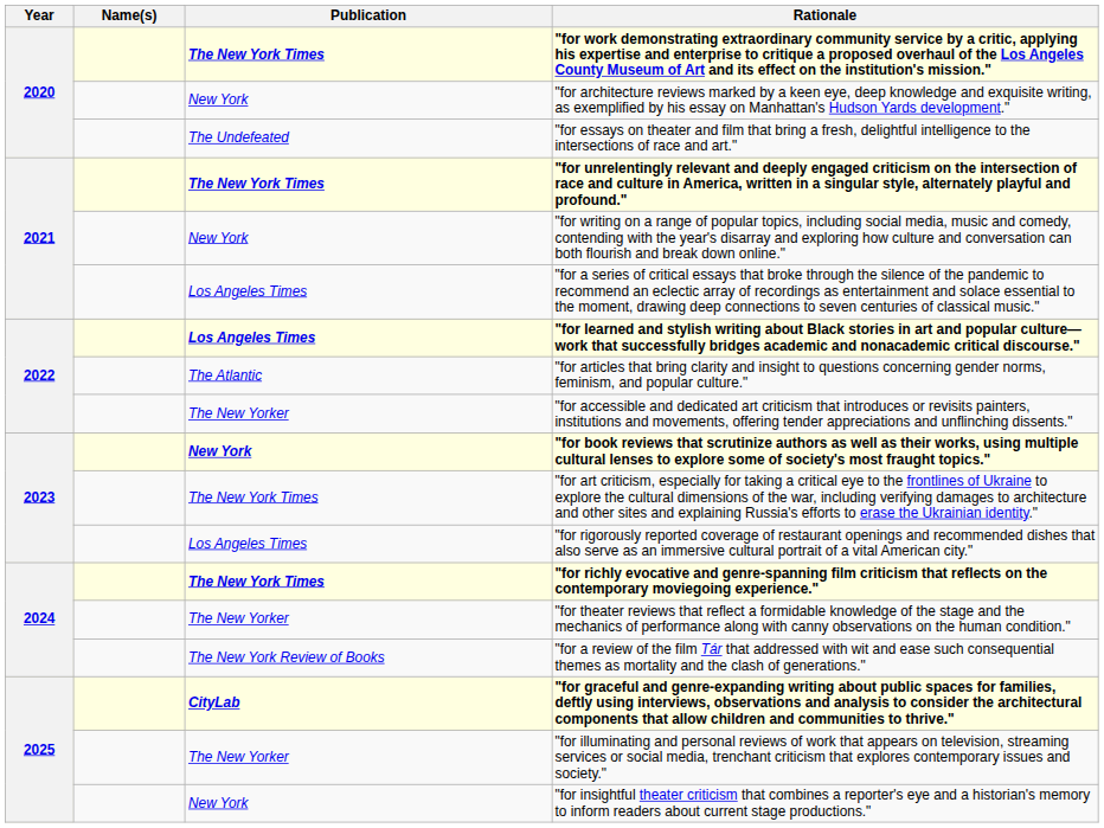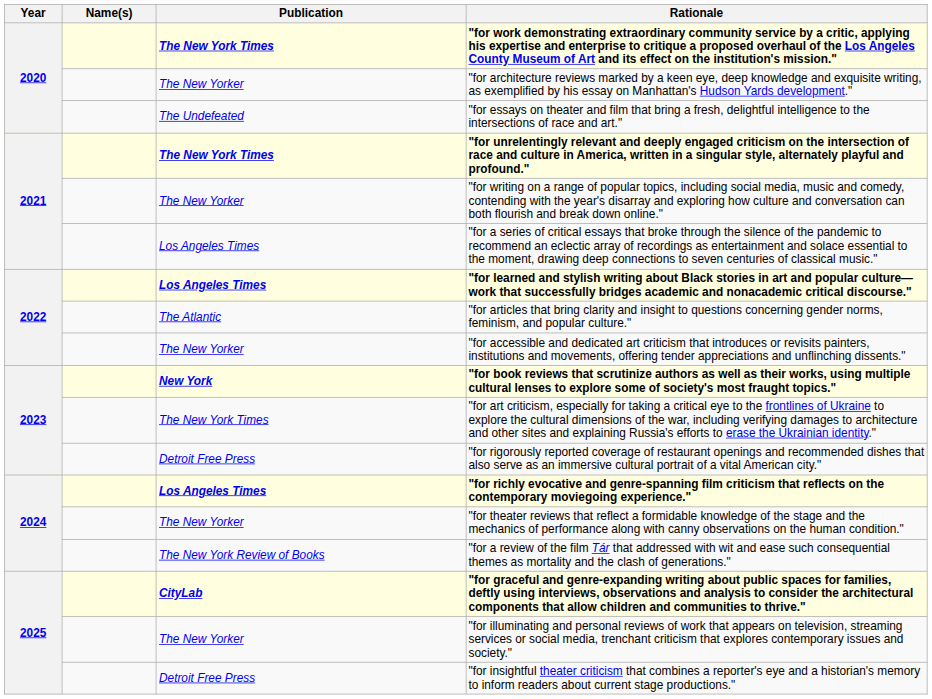 <table class="wikitable sortable">
 <tr style="vertical-align:bottom;">
 <th>Year</th>
 <th>Name(s)</th>
 <th>Publication</th>
 <th width=50%>Rationale</th>
 </tr>
 <tr style="background-color:lightyellow;">
 <th rowspan=3><strong><a href='#'>2020</a></strong></th>
 <td><strong></strong></td>
 <td><strong><em><a href='#'>The New York Times</a></em></strong></td>
 <td><strong>"for work demonstrating extraordinary community service by a critic, applying his expertise and enterprise to critique a proposed overhaul of the <a href='#'>Los Angeles County Museum of Art</a> and its effect on the institution's mission."</strong></td>
 </tr>
 <tr>
 <td></td>
-<td><em><a href='#'>New York</a></em></td>
+<td><em><a href='#'>The New Yorker</a></em></td>
 <td>"for architecture reviews marked by a keen eye, deep knowledge and exquisite writing, as exemplified by his essay on Manhattan's <a href='#'>Hudson Yards development</a>."</td>
 </tr>
 <tr>
 <td></td>
 <td><em><a href='#'>The Undefeated</a></em></td>
 <td>"for essays on theater and film that bring a fresh, delightful intelligence to the intersections of race and art."</td>
 </tr>
 <tr style="background-color:lightyellow;">
 <th rowspan=3><strong><a href='#'>2021</a></strong></th>
 <td><strong></strong></td>
 <td><strong><em><a href='#'>The New York Times</a></em></strong></td>
 <td><strong>"for unrelentingly relevant and deeply engaged criticism on the intersection of race and culture in America, written in a singular style, alternately playful and profound."</strong></td>
 </tr>
 <tr>
 <td></td>
-<td><em><a href='#'>New York</a></em></td>
+<td><em><a href='#'>The New Yorker</a></em></td>
 <td>"for writing on a range of popular topics, including social media, music and comedy, contending with the year's disarray and exploring how culture and conversation can both flourish and break down online."</td>
 </tr>
 <tr>
 <td></td>
 <td><em><a href='#'>Los Angeles Times</a></em></td>
 <td>"for a series of critical essays that broke through the silence of the pandemic to recommend an eclectic array of recordings as entertainment and solace essential to the moment, drawing deep connections to seven centuries of classical music."</td>
 </tr>
 <tr style="background-color:lightyellow;">
 <th rowspan=3><strong><a href='#'>2022</a></strong></th>
 <td><strong></strong></td>
 <td><strong><em><a href='#'>Los Angeles Times</a></em></strong></td>
 <td><strong>"for learned and stylish writing about Black stories in art and popular culture—work that successfully bridges academic and nonacademic critical discourse."</strong></td>
 </tr>
 <tr>
 <td></td>
 <td><em><a href='#'>The Atlantic</a></em></td>
 <td>"for articles that bring clarity and insight to questions concerning gender norms, feminism, and popular culture."</td>
 </tr>
 <tr>
 <td></td>
 <td><em><a href='#'>The New Yorker</a></em></td>
 <td>"for accessible and dedicated art criticism that introduces or revisits painters, institutions and movements, offering tender appreciations and unflinching dissents."</td>
 </tr>
 <tr style="background-color:lightyellow;">
 <th rowspan=3><strong><a href='#'>2023</a></strong></th>
 <td><strong></strong></td>
 <td><strong><em><a href='#'>New York</a></em></strong></td>
 <td><strong>"for book reviews that scrutinize authors as well as their works, using multiple cultural lenses to explore some of society's most fraught topics."</strong></td>
 </tr>
 <tr>
 <td></td>
 <td><em><a href='#'>The New York Times</a></em></td>
 <td>"for art criticism, especially for taking a critical eye to the <a href='#'>frontlines of Ukraine</a> to explore the cultural dimensions of the war, including verifying damages to architecture and other sites and explaining Russia's efforts to <a href='#'>erase the Ukrainian identity</a>."</td>
 </tr>
 <tr>
 <td></td>
-<td><em><a href='#'>Los Angeles Times</a></em></td>
+<td><em><a href='#'>Detroit Free Press</a></em></td>
 <td>"for rigorously reported coverage of restaurant openings and recommended dishes that also serve as an immersive cultural portrait of a vital American city."</td>
 </tr>
 <tr style="background-color:lightyellow;">
 <th rowspan=3><strong><a href='#'>2024</a></strong></th>
 <td><strong></strong></td>
-<td><strong><em><a href='#'>The New York Times</a></em></strong></td>
+<td><strong><em><a href='#'>Los Angeles Times</a></em></strong></td>
 <td><strong>"for richly evocative and genre-spanning film criticism that reflects on the contemporary moviegoing experience."</strong></td>
 </tr>
 <tr>
 <td></td>
 <td><em><a href='#'>The New Yorker</a></em></td>
 <td>"for theater reviews that reflect a formidable knowledge of the stage and the mechanics of performance along with canny observations on the human condition."</td>
 </tr>
 <tr>
 <td></td>
 <td><em><a href='#'>The New York Review of Books</a></em></td>
 <td>"for a review of the film <em><a href='#'>Tár</a></em> that addressed with wit and ease such consequential themes as mortality and the clash of generations."</td>
 </tr>
 <tr style="background-color:lightyellow;">
 <th rowspan=3><strong><a href='#'>2025</a></strong></th>
 <td><strong></strong></td>
 <td><strong><em><a href='#'>CityLab</a></em></strong></td>
 <td><strong>"for graceful and genre-expanding writing about public spaces for families, deftly using interviews, observations and analysis to consider the architectural components that allow children and communities to thrive."</strong></td>
 </tr>
 <tr>
 <td></td>
 <td><em><a href='#'>The New Yorker</a></em></td>
 <td>"for illuminating and personal reviews of work that appears on television, streaming services or social media, trenchant criticism that explores contemporary issues and society."</td>
 </tr>
 <tr>
 <td></td>
-<td><em><a href='#'>New York</a></em></td>
+<td><em><a href='#'>Detroit Free Press</a></em></td>
 <td>"for insightful <a href='#'>theater criticism</a> that combines a reporter's eye and a historian's memory to inform readers about current stage productions."</td>
 </tr>
 </table>
